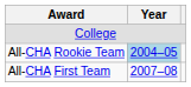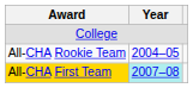 <table class="wikitable">
 <tr>
 <th>Award</th>
 <th>Year</th>
 <th></th>
 </tr>
 <tr ALIGN="center" bgcolor="#e0e0e0">
 <td colspan="3"><a href='#'>College</a></td>
 </tr>
 <tr>
 <td>All-<a href='#'>CHA</a> <a href='#'>Rookie Team</a></td>
-<td style="background: lightblue;"><a href='#'>2004–05</a></td>
+<td><a href='#'>2004–05</a></td>
 <td></td>
 </tr>
 <tr>
-<td>All-<a href='#'>CHA</a> <a href='#'>First Team</a></td>
-<td><a href='#'>2007–08</a></td>
+<td style="background: gold;">All-<a href='#'>CHA</a> <a href='#'>First Team</a></td>
+<td style="background: paleturquoise;"><a href='#'>2007–08</a></td>
 <td></td>
 </tr>
 </table>
